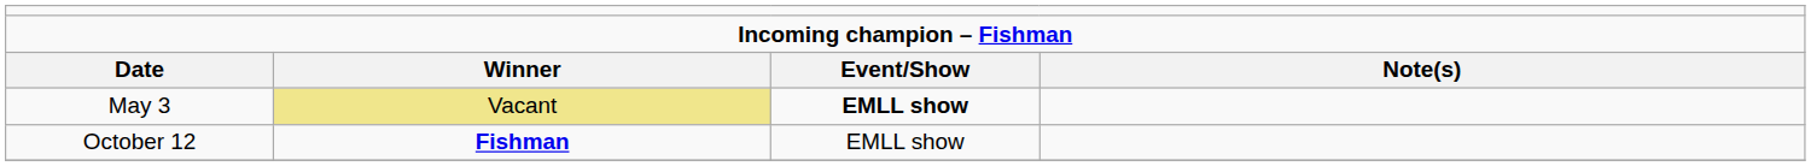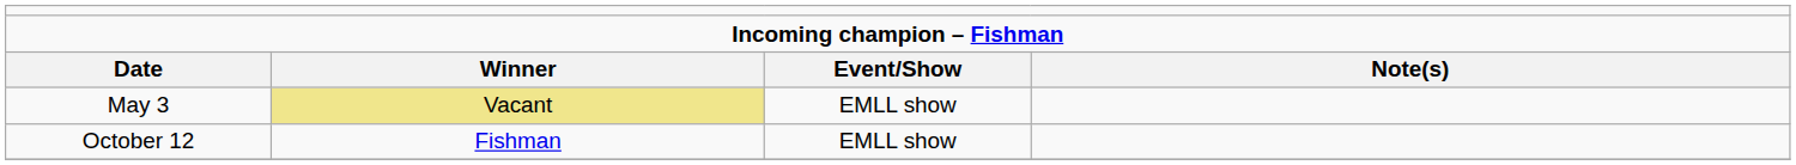 <table class="wikitable" style="text-align:center; width:100%;">
 <tr>
 <td colspan=5></td>
 </tr>
 <tr>
 <td colspan=5><strong>Incoming champion – <a href='#'>Fishman</a></strong></td>
 </tr>
 <tr>
 <th width=14%>Date</th>
 <th width=26%>Winner</th>
 <th width=14%>Event/Show</th>
 <th width=40%>Note(s)</th>
 </tr>
 <tr>
 <td>May 3</td>
 <td style="background: khaki;">Vacant</td>
-<td><strong>EMLL show</strong></td>
+<td>EMLL show</td>
 <td></td>
 </tr>
 <tr>
 <td>October 12</td>
-<td><strong><a href='#'>Fishman</a></strong></td>
+<td><a href='#'>Fishman</a></td>
 <td>EMLL show</td>
 <td></td>
 </tr>
 <tr>
 </tr>
 </table>
